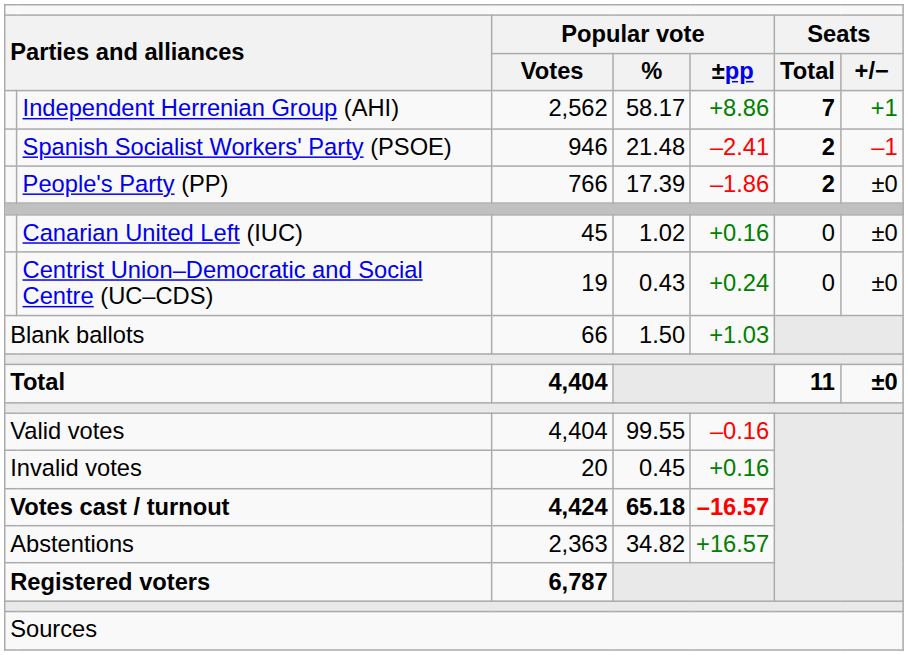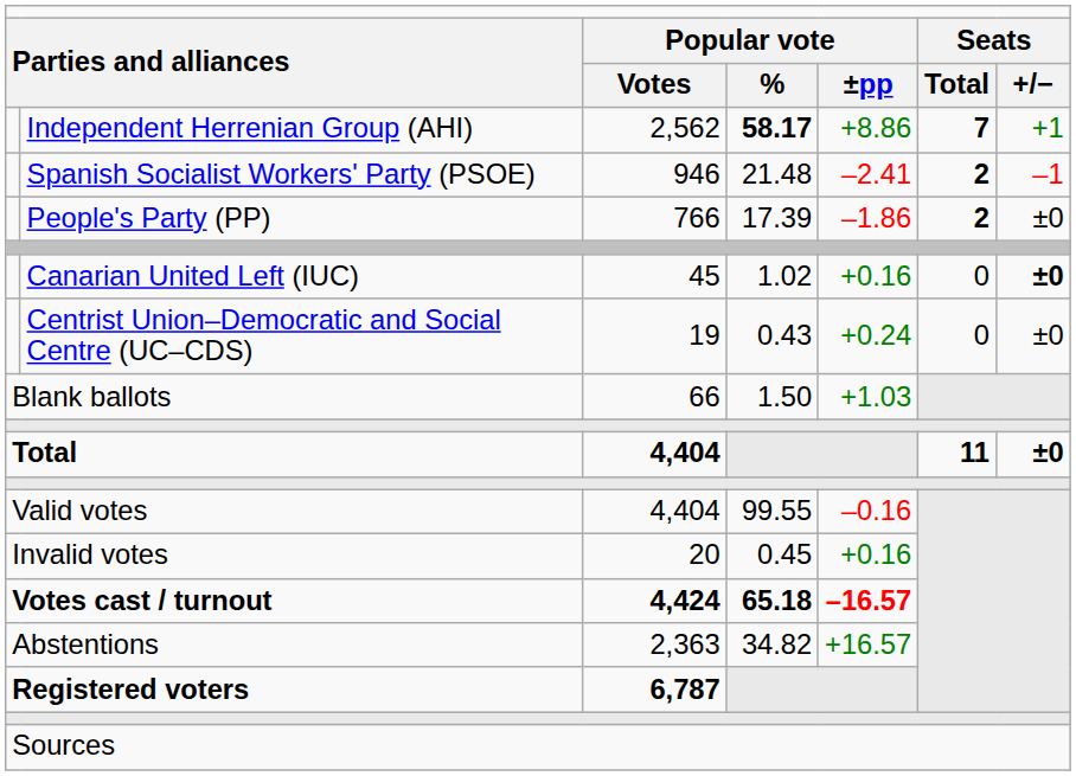 <table class="wikitable" style="text-align:right;">
 <tr>
 <td colspan="7"></td>
 </tr>
 <tr>
 <th style="text-align:left;" rowspan="2" colspan="2" width="525">Parties and alliances</th>
 <th colspan="3">Popular vote</th>
 <th colspan="2">Seats</th>
 </tr>
 <tr>
 <th width="75">Votes</th>
 <th width="45">%</th>
 <th width="45">±<a href='#'>pp</a></th>
 <th width="35">Total</th>
 <th width="35">+/−</th>
 </tr>
 <tr>
 <td width="1" style="color:inherit;background:"></td>
 <td align="left"><a href='#'>Independent Herrenian Group</a> (AHI)</td>
 <td>2,562</td>
-<td>58.17</td>
+<td><strong>58.17</strong></td>
 <td style="color:green;">+8.86</td>
 <td><strong>7</strong></td>
 <td style="color:green;">+1</td>
 </tr>
 <tr>
 <td style="color:inherit;background:"></td>
 <td align="left"><a href='#'>Spanish Socialist Workers' Party</a> (PSOE)</td>
 <td>946</td>
 <td>21.48</td>
 <td style="color:red;">–2.41</td>
 <td><strong>2</strong></td>
 <td style="color:red;">–1</td>
 </tr>
 <tr>
 <td style="color:inherit;background:"></td>
 <td align="left"><a href='#'>People's Party</a> (PP)</td>
 <td>766</td>
 <td>17.39</td>
 <td style="color:red;">–1.86</td>
 <td><strong>2</strong></td>
 <td>±0</td>
 </tr>
 <tr>
 <td colspan="7" bgcolor="#C0C0C0"></td>
 </tr>
 <tr>
 <td style="color:inherit;background:"></td>
 <td align="left"><a href='#'>Canarian United Left</a> (IUC)</td>
 <td>45</td>
 <td>1.02</td>
 <td style="color:green;">+0.16</td>
 <td>0</td>
-<td>±0</td>
+<td><strong>±0</strong></td>
 </tr>
 <tr>
 <td style="color:inherit;background:"></td>
 <td align="left"><a href='#'>Centrist Union–Democratic and Social Centre</a> (UC–CDS)</td>
 <td>19</td>
 <td>0.43</td>
 <td style="color:green;">+0.24</td>
 <td>0</td>
 <td>±0</td>
 </tr>
 <tr>
 <td align="left" colspan="2">Blank ballots</td>
 <td>66</td>
 <td>1.50</td>
 <td style="color:green;">+1.03</td>
 <td bgcolor="#E9E9E9" colspan="2"></td>
 </tr>
 <tr>
 <td colspan="7" bgcolor="#E9E9E9"></td>
 </tr>
 <tr style="font-weight:bold;">
 <td align="left" colspan="2">Total</td>
 <td>4,404</td>
 <td bgcolor="#E9E9E9" colspan="2"></td>
 <td>11</td>
 <td>±0</td>
 </tr>
 <tr>
 <td colspan="7" bgcolor="#E9E9E9"></td>
 </tr>
 <tr>
 <td align="left" colspan="2">Valid votes</td>
 <td>4,404</td>
 <td>99.55</td>
 <td style="color:red;">–0.16</td>
 <td bgcolor="#E9E9E9" colspan="2" rowspan="5"></td>
 </tr>
 <tr>
 <td align="left" colspan="2">Invalid votes</td>
 <td>20</td>
 <td>0.45</td>
 <td style="color:green;">+0.16</td>
 </tr>
 <tr style="font-weight:bold;">
 <td align="left" colspan="2">Votes cast / turnout</td>
 <td>4,424</td>
 <td>65.18</td>
 <td style="color:red;">–16.57</td>
 </tr>
 <tr>
 <td align="left" colspan="2">Abstentions</td>
 <td>2,363</td>
 <td>34.82</td>
 <td style="color:green;">+16.57</td>
 </tr>
 <tr style="font-weight:bold;">
 <td align="left" colspan="2">Registered voters</td>
 <td>6,787</td>
 <td bgcolor="#E9E9E9" colspan="2"></td>
 </tr>
 <tr>
 <td colspan="7" bgcolor="#E9E9E9"></td>
 </tr>
 <tr>
 <td align="left" colspan="7">Sources</td>
 </tr>
 </table>
